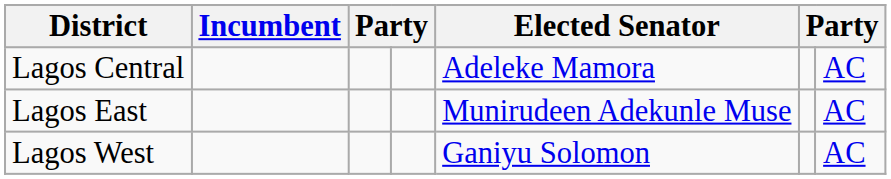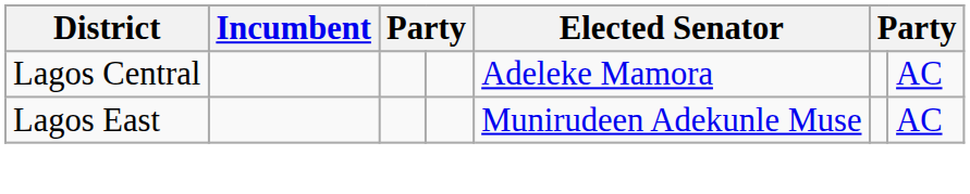 <table class="sortable wikitable" style="font-size:95%;line-height:14px;">
 <tr>
 <th class="unsortable">District</th>
 <th class="unsortable"><a href='#'>Incumbent</a></th>
 <th colspan="2">Party</th>
 <th class="unsortable">Elected Senator</th>
 <th colspan="2">Party</th>
 </tr>
 <tr>
 <td>Lagos Central</td>
 <td></td>
 <td></td>
 <td></td>
 <td><a href='#'>Adeleke Mamora</a></td>
 <td style="background:"></td>
 <td><a href='#'>AC</a></td>
 </tr>
 <tr>
 <td>Lagos East</td>
 <td></td>
 <td></td>
 <td></td>
 <td><a href='#'>Munirudeen Adekunle Muse</a></td>
 <td style="background:"></td>
 <td><a href='#'>AC</a></td>
 </tr>
-<tr>
-<td>Lagos West</td>
-<td></td>
-<td></td>
-<td></td>
-<td><a href='#'>Ganiyu Solomon</a></td>
-<td style="background:"></td>
-<td><a href='#'>AC</a></td>
-</tr>
 </table>
